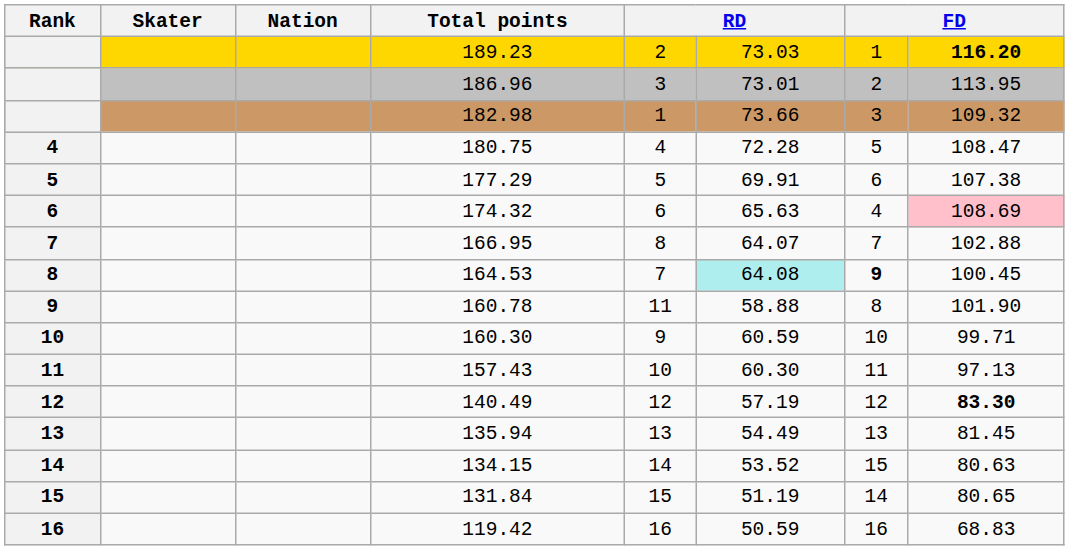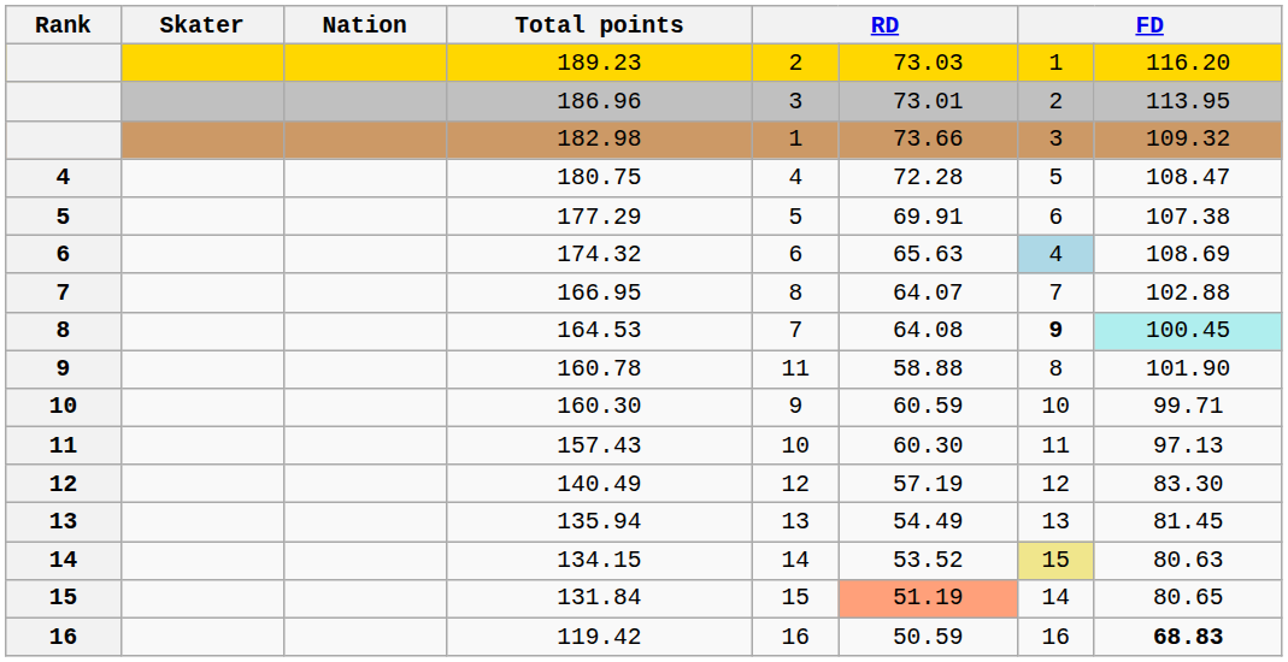 <table class="wikitable sortable" style="text-align:center;" width="80%">
 <tr>
 <th scope="col">Rank</th>
 <th scope="col">Skater</th>
 <th scope="col">Nation</th>
 <th scope="col">Total points</th>
 <th scope="col" colspan="2" width="80px"><a href='#'>RD</a></th>
 <th scope="col" colspan="2" width="80px"><a href='#'>FD</a></th>
 </tr>
 <tr bgcolor="gold">
 <th scope="row"></th>
 <td align="left"></td>
 <td align="left"></td>
 <td>189.23</td>
 <td>2</td>
 <td>73.03</td>
 <td>1</td>
-<td><strong>116.20</strong></td>
+<td>116.20</td>
 </tr>
 <tr bgcolor="silver">
 <th scope="row"></th>
 <td align="left"></td>
 <td align="left"></td>
 <td>186.96</td>
 <td>3</td>
 <td>73.01</td>
 <td>2</td>
 <td>113.95</td>
 </tr>
 <tr bgcolor="cc9966">
 <th scope="row"></th>
 <td align="left"></td>
 <td align="left"></td>
 <td>182.98</td>
 <td>1</td>
 <td>73.66</td>
 <td>3</td>
 <td>109.32</td>
 </tr>
 <tr>
 <th scope="row">4</th>
 <td align="left"></td>
 <td align="left"></td>
 <td>180.75</td>
 <td>4</td>
 <td>72.28</td>
 <td>5</td>
 <td>108.47</td>
 </tr>
 <tr>
 <th scope="row">5</th>
 <td align="left"></td>
 <td align="left"></td>
 <td>177.29</td>
 <td>5</td>
 <td>69.91</td>
 <td>6</td>
 <td>107.38</td>
 </tr>
 <tr>
 <th scope="row">6</th>
 <td align="left"></td>
 <td align="left"></td>
 <td>174.32</td>
 <td>6</td>
 <td>65.63</td>
-<td>4</td>
-<td style="background: pink;">108.69</td>
+<td style="background: lightblue;">4</td>
+<td>108.69</td>
 </tr>
 <tr>
 <th scope="row">7</th>
 <td align="left"></td>
 <td align="left"></td>
 <td>166.95</td>
 <td>8</td>
 <td>64.07</td>
 <td>7</td>
 <td>102.88</td>
 </tr>
 <tr>
 <th scope="row">8</th>
 <td align="left"></td>
 <td align="left"></td>
 <td>164.53</td>
 <td>7</td>
-<td style="background: paleturquoise;">64.08</td>
+<td>64.08</td>
 <td><strong>9</strong></td>
-<td>100.45</td>
+<td style="background: paleturquoise;">100.45</td>
 </tr>
 <tr>
 <th scope="row">9</th>
 <td align="left"></td>
 <td align="left"></td>
 <td>160.78</td>
 <td>11</td>
 <td>58.88</td>
 <td>8</td>
 <td>101.90</td>
 </tr>
 <tr>
 <th scope="row">10</th>
 <td align="left"></td>
 <td align="left"></td>
 <td>160.30</td>
 <td>9</td>
 <td>60.59</td>
 <td>10</td>
 <td>99.71</td>
 </tr>
 <tr>
 <th scope="row">11</th>
 <td align="left"></td>
 <td align="left"></td>
 <td>157.43</td>
 <td>10</td>
 <td>60.30</td>
 <td>11</td>
 <td>97.13</td>
 </tr>
 <tr>
 <th scope="row">12</th>
 <td align="left"></td>
 <td align="left"></td>
 <td>140.49</td>
 <td>12</td>
 <td>57.19</td>
 <td>12</td>
-<td><strong>83.30</strong></td>
+<td>83.30</td>
 </tr>
 <tr>
 <th scope="row">13</th>
 <td align="left"></td>
 <td align="left"></td>
 <td>135.94</td>
 <td>13</td>
 <td>54.49</td>
 <td>13</td>
 <td>81.45</td>
 </tr>
 <tr>
 <th scope="row">14</th>
 <td align="left"></td>
 <td align="left"></td>
 <td>134.15</td>
 <td>14</td>
 <td>53.52</td>
-<td>15</td>
+<td style="background: khaki;">15</td>
 <td>80.63</td>
 </tr>
 <tr>
 <th scope="row">15</th>
 <td align="left"></td>
 <td align="left"></td>
 <td>131.84</td>
 <td>15</td>
-<td>51.19</td>
+<td style="background: lightsalmon;">51.19</td>
 <td>14</td>
 <td>80.65</td>
 </tr>
 <tr>
 <th scope="row">16</th>
 <td align="left"></td>
 <td align="left"></td>
 <td>119.42</td>
 <td>16</td>
 <td>50.59</td>
 <td>16</td>
-<td>68.83</td>
+<td><strong>68.83</strong></td>
 </tr>
 </table>
